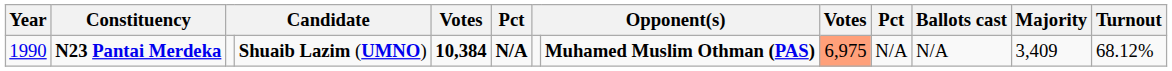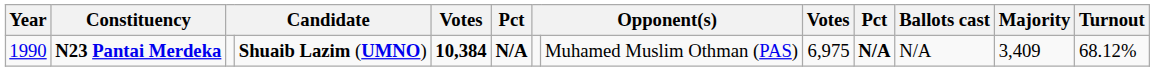 <table class="wikitable" style="margin:0.5em ; font-size:95%">
 <tr>
 <th>Year</th>
 <th>Constituency</th>
 <th colspan=2>Candidate</th>
 <th>Votes</th>
 <th>Pct</th>
 <th colspan=2>Opponent(s)</th>
 <th>Votes</th>
 <th>Pct</th>
 <th>Ballots cast</th>
 <th>Majority</th>
 <th>Turnout</th>
 </tr>
 <tr>
 <td rowspan="4"><a href='#'>1990</a></td>
 <td rowspan="4"><strong>N23 <a href='#'>Pantai Merdeka</a></strong></td>
 <td rowspan="4" ></td>
 <td rowspan="4"><strong>Shuaib Lazim</strong> (<a href='#'><strong>UMNO</strong></a>)</td>
 <td rowspan="4" align=right><strong>10,384</strong></td>
 <td rowspan="4"><strong>N/A</strong></td>
 <td></td>
-<td><strong>Muhamed Muslim Othman (<a href='#'>PAS</a>)</strong></td>
-<td align="right" style="background: lightsalmon;">6,975</td>
-<td>N/A</td>
+<td>Muhamed Muslim Othman (<a href='#'>PAS</a>)</td>
+<td align="right">6,975</td>
+<td><strong>N/A</strong></td>
 <td rowspan=4>N/A</td>
 <td rowspan=4>3,409</td>
 <td rowspan=4>68.12%</td>
 </tr>
 </table>
